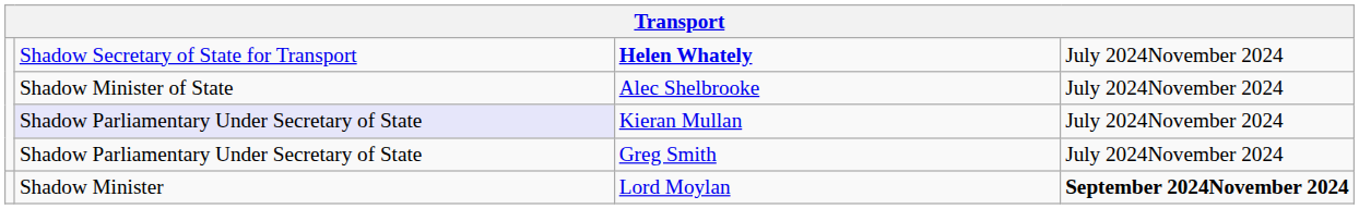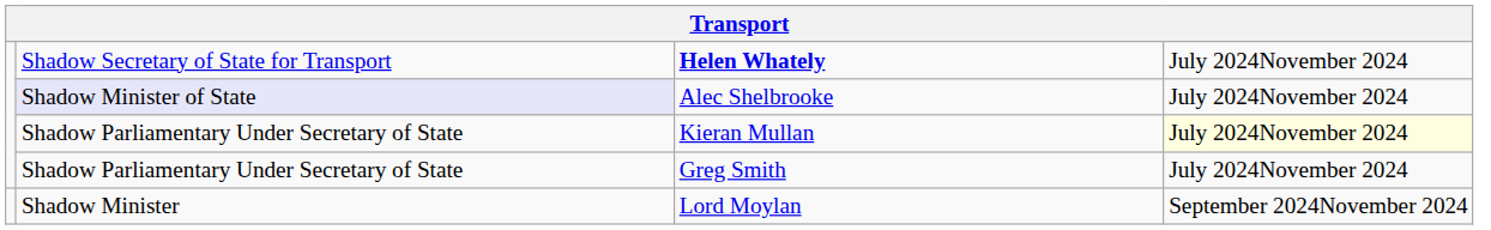 <table class="wikitable">
 <tr>
 <th colspan="5"><a href='#'>Transport</a></th>
 </tr>
 <tr>
 <td rowspan="4" style="background: "></td>
 <td style="width: 450px;"><a href='#'>Shadow Secretary of State for Transport</a></td>
 <td style="width: 333px;"><strong><a href='#'>Helen Whately</a></strong></td>
 <td>July 2024November 2024</td>
 </tr>
 <tr>
-<td>Shadow Minister of State</td>
+<td style="background: lavender;">Shadow Minister of State</td>
 <td><a href='#'>Alec Shelbrooke</a></td>
 <td>July 2024November 2024</td>
 </tr>
 <tr>
-<td style="background: lavender;">Shadow Parliamentary Under Secretary of State</td>
+<td>Shadow Parliamentary Under Secretary of State</td>
 <td><a href='#'>Kieran Mullan</a></td>
-<td>July 2024November 2024</td>
+<td style="background: lightyellow;">July 2024November 2024</td>
 </tr>
 <tr>
 <td>Shadow Parliamentary Under Secretary of State</td>
 <td><a href='#'>Greg Smith</a><br></td>
 <td>July 2024November 2024</td>
 </tr>
 <tr>
 <td style="background: "></td>
 <td>Shadow Minister</td>
 <td><a href='#'>Lord Moylan</a></td>
-<td><strong>September 2024November 2024</strong></td>
+<td>September 2024November 2024</td>
 </tr>
 </table>
